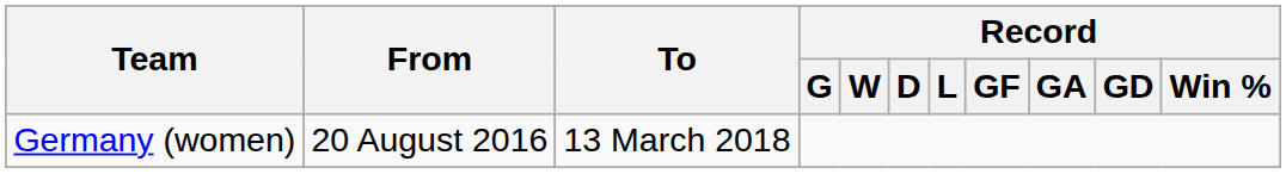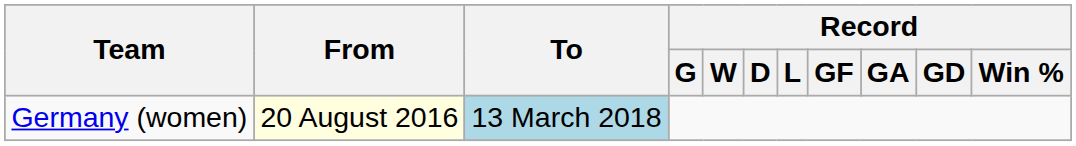 <table class="wikitable" style="text-align: center">
 <tr>
 <th rowspan="2">Team</th>
 <th rowspan="2">From</th>
 <th rowspan="2">To</th>
 <th colspan="8">Record</th>
 </tr>
 <tr>
 <th>G</th>
 <th>W</th>
 <th>D</th>
 <th>L</th>
 <th>GF</th>
 <th>GA</th>
 <th>GD</th>
 <th>Win %</th>
 </tr>
 <tr>
 <td><a href='#'>Germany</a> (women)</td>
-<td>20 August 2016</td>
-<td>13 March 2018<br></td>
+<td style="background: lightyellow;">20 August 2016</td>
+<td style="background: lightblue;">13 March 2018<br></td>
 </tr>
 </table>
